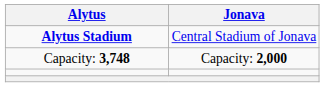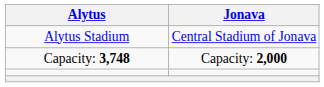 <table class=wikitable style="text-align:center;margin:1em auto;">
 <tr>
 <th width=185><a href='#'>Alytus</a></th>
 <th><a href='#'>Jonava</a></th>
 </tr>
 <tr>
-<td><strong><a href='#'>Alytus Stadium</a></strong></td>
+<td><a href='#'>Alytus Stadium</a></td>
 <td><a href='#'>Central Stadium of Jonava</a></td>
 </tr>
 <tr>
 <td>Capacity: <strong>3,748</strong></td>
 <td>Capacity: <strong>2,000</strong></td>
 </tr>
 <tr>
 <td></td>
 <td></td>
 </tr>
 <tr>
 <th colspan=4></th>
 </tr>
 </table>
